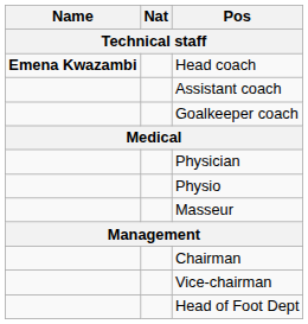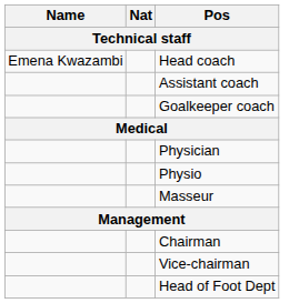 <table class="wikitable ve-ce-branchNode ve-ce-tableNode">
 <tr>
 <th>Name</th>
 <th>Nat</th>
 <th>Pos</th>
 </tr>
 <tr>
 <th colspan="4">Technical staff</th>
 </tr>
 <tr>
-<td><strong>Emena Kwazambi</strong></td>
+<td>Emena Kwazambi</td>
 <td></td>
 <td>Head coach</td>
 </tr>
 <tr>
 <td></td>
 <td></td>
 <td>Assistant coach</td>
 </tr>
 <tr>
 <td></td>
 <td></td>
 <td>Goalkeeper coach</td>
 </tr>
 <tr>
 <th colspan="4">Medical</th>
 </tr>
 <tr>
 <td></td>
 <td></td>
 <td>Physician</td>
 </tr>
 <tr>
 <td></td>
 <td></td>
 <td>Physio</td>
 </tr>
 <tr>
 <td></td>
 <td></td>
 <td>Masseur</td>
 </tr>
 <tr>
 <th colspan="4">Management</th>
 </tr>
 <tr>
 <td></td>
 <td></td>
 <td>Chairman</td>
 </tr>
 <tr>
 <td></td>
 <td></td>
 <td>Vice-chairman</td>
 </tr>
 <tr>
 <td></td>
 <td></td>
 <td>Head of Foot Dept</td>
 </tr>
 </table>
